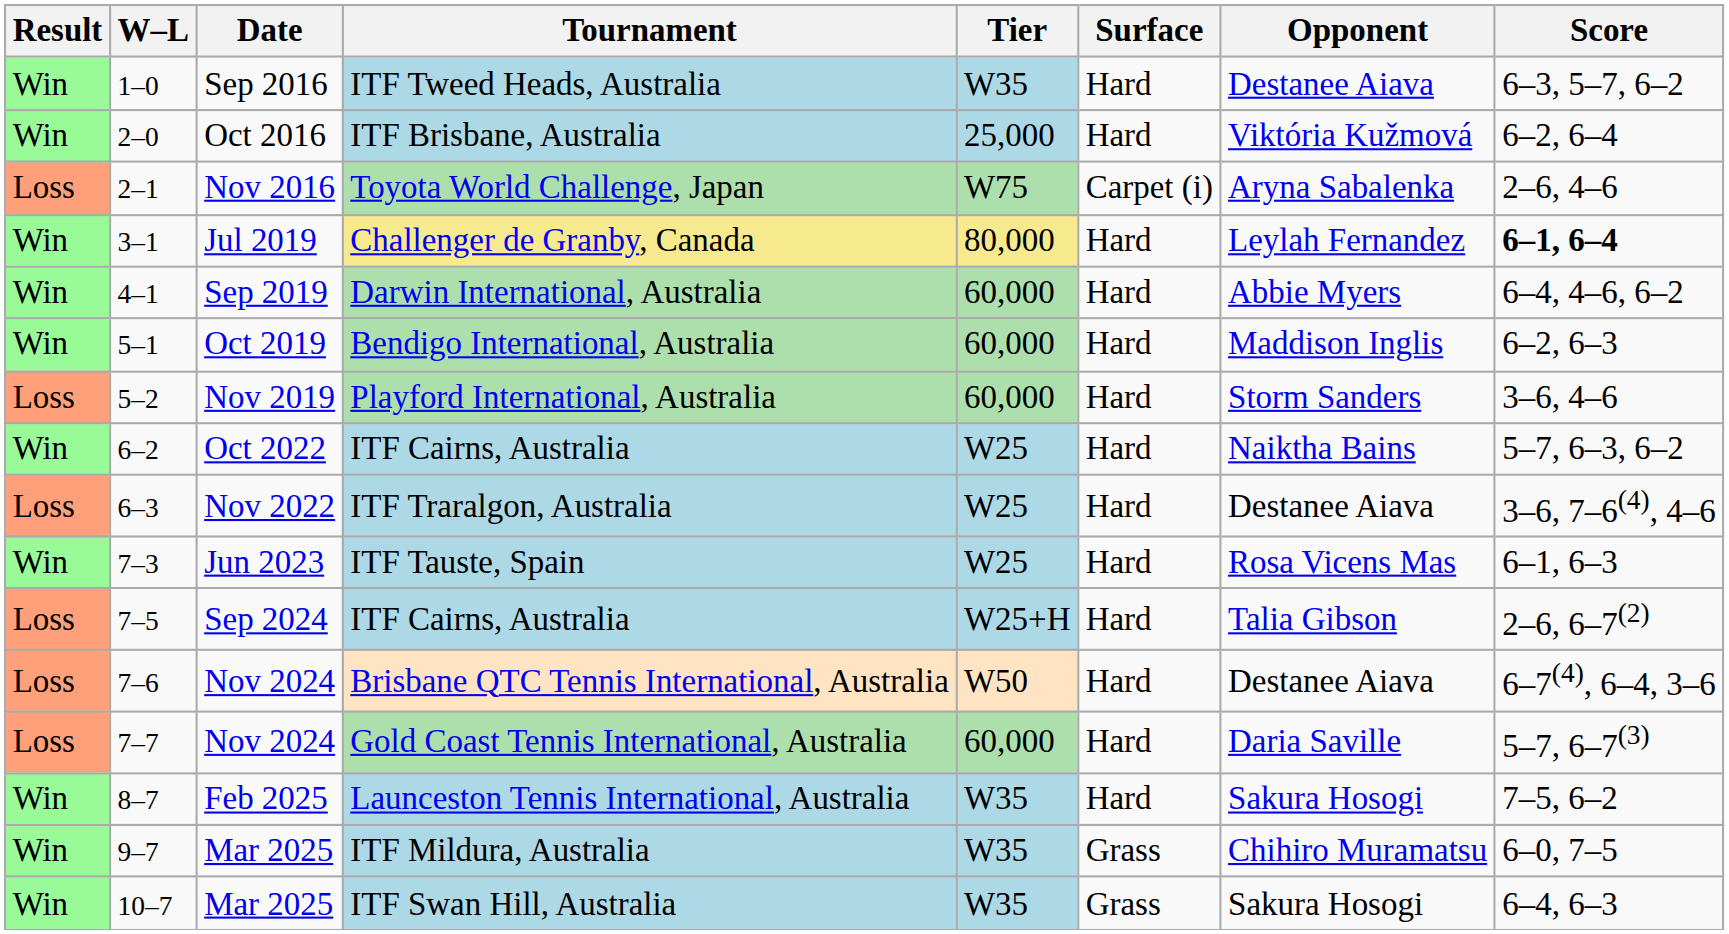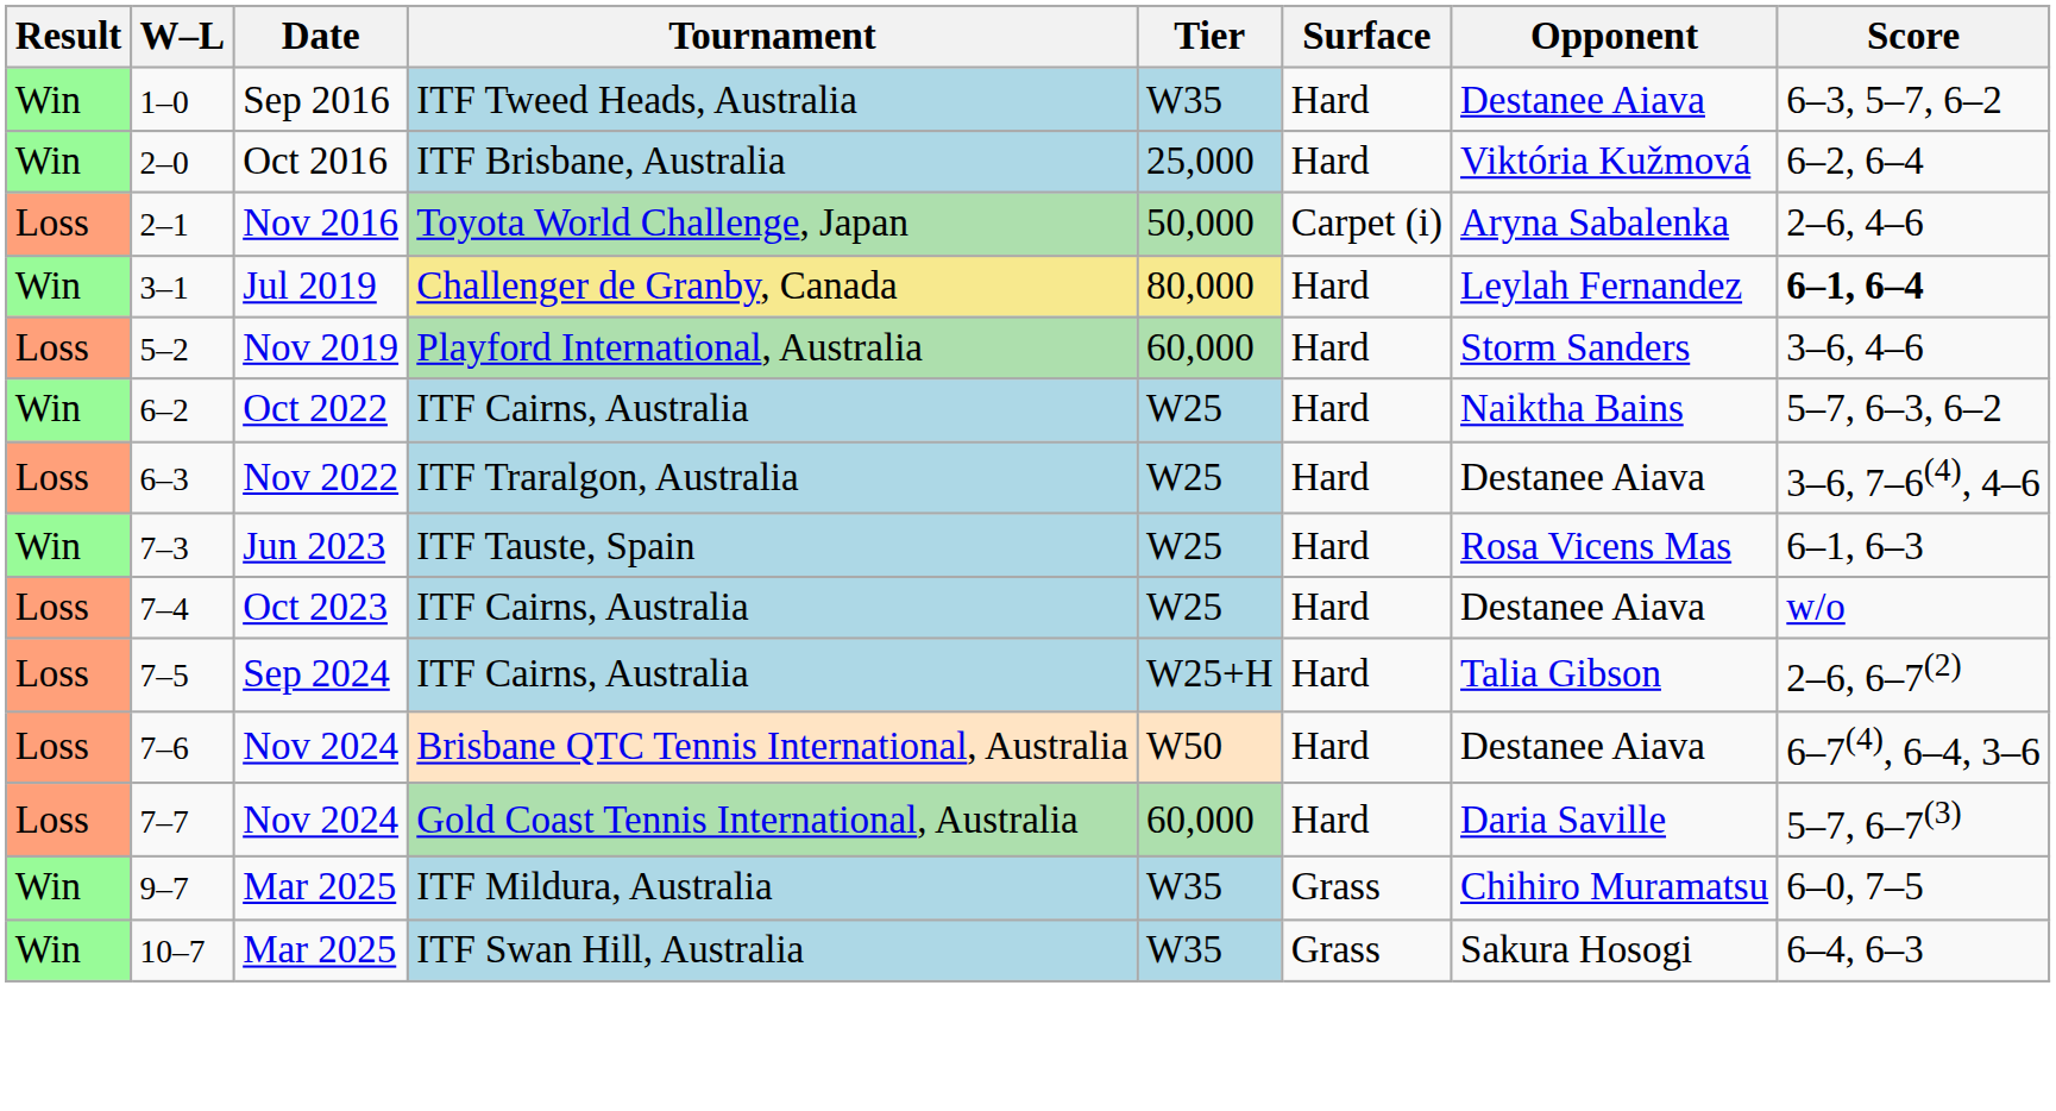 <table class="sortable wikitable">
 <tr>
 <th>Result</th>
 <th class="unsortable">W–L</th>
 <th>Date</th>
 <th>Tournament</th>
 <th>Tier</th>
 <th>Surface</th>
 <th>Opponent</th>
 <th class="unsortable">Score</th>
 </tr>
 <tr>
 <td style="background:#98fb98;">Win</td>
 <td><small>1–0</small></td>
 <td>Sep 2016</td>
 <td style="background:lightblue;">ITF Tweed Heads, Australia</td>
 <td style="background:lightblue;">W35</td>
 <td>Hard</td>
 <td> <a href='#'>Destanee Aiava</a></td>
 <td>6–3, 5–7, 6–2</td>
 </tr>
 <tr>
 <td style="background:#98fb98;">Win</td>
 <td><small>2–0</small></td>
 <td>Oct 2016</td>
 <td style="background:lightblue;">ITF Brisbane, Australia</td>
 <td style="background:lightblue;">25,000</td>
 <td>Hard</td>
 <td> <a href='#'>Viktória Kužmová</a></td>
 <td>6–2, 6–4</td>
 </tr>
 <tr>
 <td style="background:#ffa07a;">Loss</td>
 <td><small>2–1</small></td>
 <td><a href='#'>Nov 2016</a></td>
 <td style="background:#addfad;"><a href='#'>Toyota World Challenge</a>, Japan</td>
-<td style="background:#addfad;">W75</td>
+<td style="background:#addfad;">50,000</td>
 <td>Carpet (i)</td>
 <td> <a href='#'>Aryna Sabalenka</a></td>
 <td>2–6, 4–6</td>
 </tr>
 <tr>
 <td style="background:#98fb98;">Win</td>
 <td><small>3–1</small></td>
 <td><a href='#'>Jul 2019</a></td>
 <td style="background:#f7e98e;"><a href='#'>Challenger de Granby</a>, Canada</td>
 <td style="background:#f7e98e;">80,000</td>
 <td>Hard</td>
 <td> <a href='#'>Leylah Fernandez</a></td>
 <td><strong>6–1, 6–4</strong></td>
-</tr>
-<tr>
-<td style="background:#98fb98;">Win</td>
-<td><small>4–1</small></td>
-<td><a href='#'>Sep 2019</a></td>
-<td style="background:#addfad;"><a href='#'>Darwin International</a>, Australia</td>
-<td style="background:#addfad;">60,000</td>
-<td>Hard</td>
-<td> <a href='#'>Abbie Myers</a></td>
-<td>6–4, 4–6, 6–2</td>
-</tr>
-<tr>
-<td style="background:#98fb98;">Win</td>
-<td><small>5–1</small></td>
-<td><a href='#'>Oct 2019</a></td>
-<td style="background:#addfad;"><a href='#'>Bendigo International</a>, Australia</td>
-<td style="background:#addfad;">60,000</td>
-<td>Hard</td>
-<td> <a href='#'>Maddison Inglis</a></td>
-<td>6–2, 6–3</td>
 </tr>
 <tr>
 <td style="background:#ffa07a;">Loss</td>
 <td><small>5–2</small></td>
 <td><a href='#'>Nov 2019</a></td>
 <td style="background:#addfad;"><a href='#'>Playford International</a>, Australia</td>
 <td style="background:#addfad;">60,000</td>
 <td>Hard</td>
 <td> <a href='#'>Storm Sanders</a></td>
 <td>3–6, 4–6</td>
 </tr>
 <tr>
 <td style="background:#98fb98;">Win</td>
 <td><small>6–2</small></td>
 <td><a href='#'>Oct 2022</a></td>
 <td style="background:lightblue;">ITF Cairns, Australia</td>
 <td style="background:lightblue;">W25</td>
 <td>Hard</td>
 <td> <a href='#'>Naiktha Bains</a></td>
 <td>5–7, 6–3, 6–2</td>
 </tr>
 <tr>
 <td style="background:#ffa07a;">Loss</td>
 <td><small>6–3</small></td>
 <td><a href='#'>Nov 2022</a></td>
 <td style="background:lightblue;">ITF Traralgon, Australia</td>
 <td style="background:lightblue;">W25</td>
 <td>Hard</td>
 <td> Destanee Aiava</td>
 <td>3–6, 7–6<sup>(4)</sup>, 4–6</td>
 </tr>
 <tr>
 <td style="background:#98fb98;">Win</td>
 <td><small>7–3</small></td>
 <td><a href='#'>Jun 2023</a></td>
 <td bgcolor=lightblue>ITF Tauste, Spain</td>
 <td bgcolor=lightblue>W25</td>
 <td>Hard</td>
 <td> <a href='#'>Rosa Vicens Mas</a></td>
 <td>6–1, 6–3</td>
 </tr>
 <tr>
 <td style="background:#ffa07a;">Loss</td>
+<td><small>7–4</small></td>
+<td><a href='#'>Oct 2023</a></td>
+<td bgcolor=lightblue>ITF Cairns, Australia</td>
+<td bgcolor=lightblue>W25</td>
+<td>Hard</td>
+<td> Destanee Aiava</td>
+<td><a href='#'>w/o</a></td>
+</tr>
+<tr>
+<td style="background:#ffa07a;">Loss</td>
 <td><small>7–5</small></td>
 <td><a href='#'>Sep 2024</a></td>
 <td bgcolor=lightblue>ITF Cairns, Australia</td>
 <td bgcolor=lightblue>W25+H</td>
 <td>Hard</td>
 <td> <a href='#'>Talia Gibson</a></td>
 <td>2–6, 6–7<sup>(2)</sup></td>
 </tr>
 <tr>
 <td style="background:#ffa07a;">Loss</td>
 <td><small>7–6</small></td>
 <td><a href='#'>Nov 2024</a></td>
 <td style="background:#ffe4c4;"><a href='#'>Brisbane QTC Tennis International</a>, Australia</td>
 <td style="background:#ffe4c4;">W50</td>
 <td>Hard</td>
 <td> Destanee Aiava</td>
 <td>6–7<sup>(4)</sup>, 6–4, 3–6</td>
 </tr>
 <tr>
 <td style="background:#ffa07a;">Loss</td>
 <td><small>7–7</small></td>
 <td><a href='#'>Nov 2024</a></td>
 <td style="background:#addfad;"><a href='#'>Gold Coast Tennis International</a>, Australia</td>
 <td style="background:#addfad;">60,000</td>
 <td>Hard</td>
 <td> <a href='#'>Daria Saville</a></td>
 <td>5–7, 6–7<sup>(3)</sup></td>
 </tr>
 <tr>
 <td style="background:#98fb98;">Win</td>
-<td><small>8–7</small></td>
-<td><a href='#'>Feb 2025</a></td>
-<td style="background:lightblue;"><a href='#'>Launceston Tennis International</a>, Australia</td>
-<td style="background:lightblue;">W35</td>
-<td>Hard</td>
-<td> <a href='#'>Sakura Hosogi</a></td>
-<td>7–5, 6–2</td>
-</tr>
-<tr>
-<td style="background:#98fb98;">Win</td>
 <td><small>9–7</small></td>
 <td><a href='#'>Mar 2025</a></td>
 <td style="background:lightblue;">ITF Mildura, Australia</td>
 <td style="background:lightblue;">W35</td>
 <td>Grass</td>
 <td> <a href='#'>Chihiro Muramatsu</a></td>
 <td>6–0, 7–5</td>
 </tr>
 <tr>
 <td style="background:#98fb98;">Win</td>
 <td><small>10–7</small></td>
 <td><a href='#'>Mar 2025</a></td>
 <td style="background:lightblue;">ITF Swan Hill, Australia</td>
 <td style="background:lightblue;">W35</td>
 <td>Grass</td>
 <td> Sakura Hosogi</td>
 <td>6–4, 6–3</td>
 </tr>
 </table>
